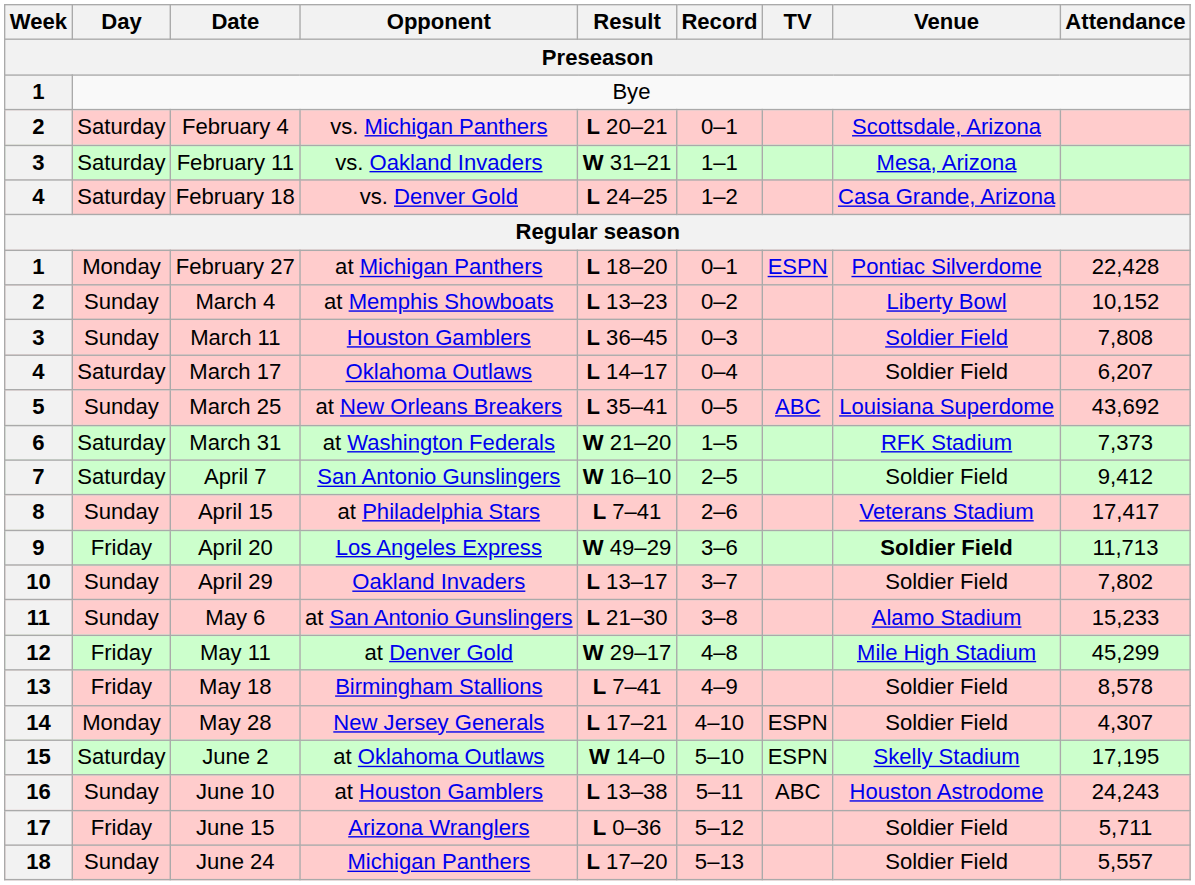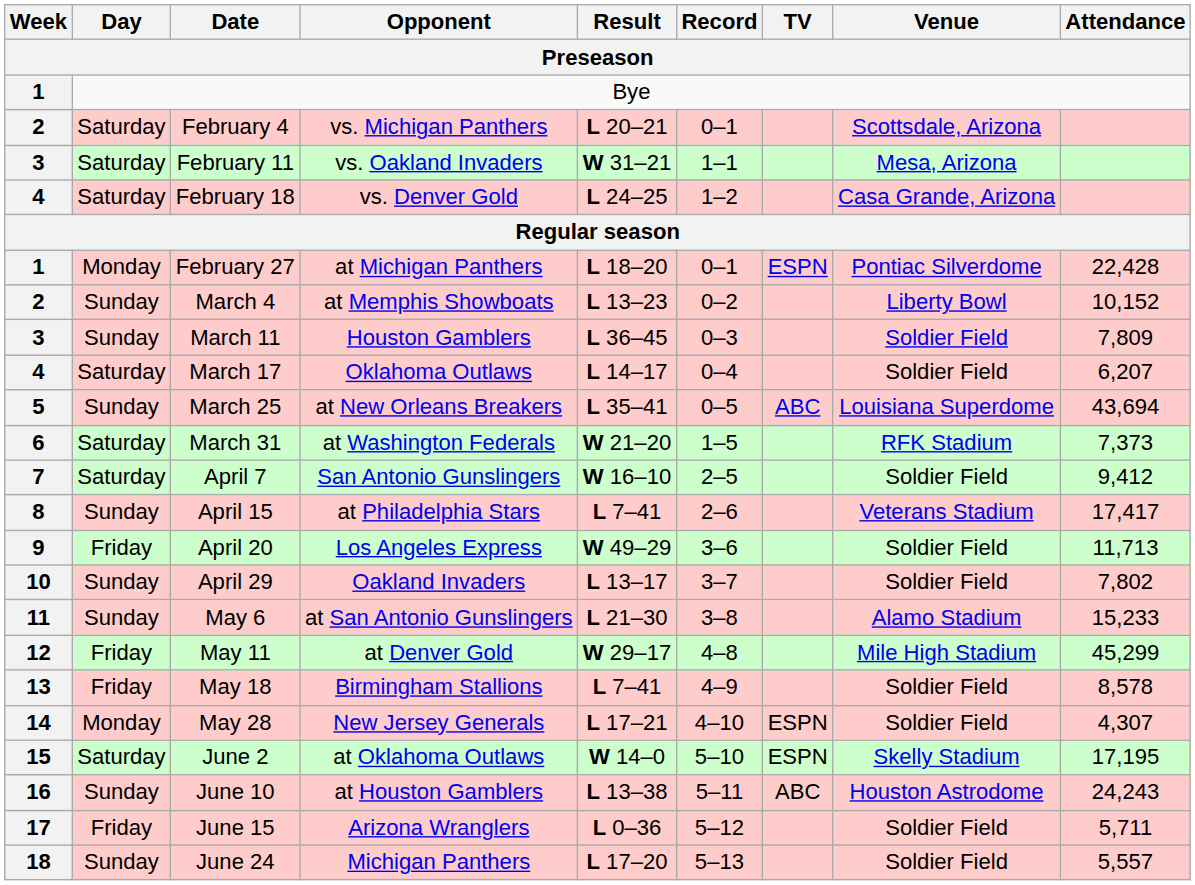 <table class="wikitable" style="text-align:center">
 <tr>
 <th>Week</th>
 <th>Day</th>
 <th>Date</th>
 <th>Opponent</th>
 <th>Result</th>
 <th>Record</th>
 <th>TV</th>
 <th>Venue</th>
 <th>Attendance</th>
 </tr>
 <tr>
 <th colspan="9">Preseason</th>
 </tr>
 <tr>
 <th>1</th>
 <td colspan=8>Bye</td>
 </tr>
 <tr style="background:#fcc">
 <th>2</th>
 <td>Saturday</td>
 <td>February 4</td>
 <td>vs. <a href='#'>Michigan Panthers</a></td>
 <td><strong>L</strong> 20–21</td>
 <td>0–1</td>
 <td></td>
 <td><a href='#'>Scottsdale, Arizona</a></td>
 <td></td>
 </tr>
 <tr style="background:#cfc">
 <th>3</th>
 <td>Saturday</td>
 <td>February 11</td>
 <td>vs. <a href='#'>Oakland Invaders</a></td>
 <td><strong>W</strong> 31–21</td>
 <td>1–1</td>
 <td></td>
 <td><a href='#'>Mesa, Arizona</a></td>
 <td></td>
 </tr>
 <tr style="background:#fcc">
 <th>4</th>
 <td>Saturday</td>
 <td>February 18</td>
 <td>vs. <a href='#'>Denver Gold</a></td>
 <td><strong>L</strong> 24–25</td>
 <td>1–2</td>
 <td></td>
 <td><a href='#'>Casa Grande, Arizona</a></td>
 <td></td>
 </tr>
 <tr>
 <th colspan="9">Regular season</th>
 </tr>
 <tr style="background:#fcc">
 <th>1</th>
 <td>Monday</td>
 <td>February 27</td>
 <td>at <a href='#'>Michigan Panthers</a></td>
 <td><strong>L</strong> 18–20</td>
 <td>0–1</td>
 <td><a href='#'>ESPN</a></td>
 <td><a href='#'>Pontiac Silverdome</a></td>
 <td>22,428</td>
 </tr>
 <tr style="background:#fcc">
 <th>2</th>
 <td>Sunday</td>
 <td>March 4</td>
 <td>at <a href='#'>Memphis Showboats</a></td>
 <td><strong>L</strong> 13–23</td>
 <td>0–2</td>
 <td></td>
 <td><a href='#'>Liberty Bowl</a></td>
 <td>10,152</td>
 </tr>
 <tr style="background:#fcc">
 <th>3</th>
 <td>Sunday</td>
 <td>March 11</td>
 <td><a href='#'>Houston Gamblers</a></td>
 <td><strong>L</strong> 36–45</td>
 <td>0–3</td>
 <td></td>
 <td><a href='#'>Soldier Field</a></td>
-<td>7,808</td>
+<td>7,809</td>
 </tr>
 <tr style="background:#fcc">
 <th>4</th>
 <td>Saturday</td>
 <td>March 17</td>
 <td><a href='#'>Oklahoma Outlaws</a></td>
 <td><strong>L</strong> 14–17</td>
 <td>0–4</td>
 <td></td>
 <td>Soldier Field</td>
 <td>6,207</td>
 </tr>
 <tr style="background:#fcc">
 <th>5</th>
 <td>Sunday</td>
 <td>March 25</td>
 <td>at <a href='#'>New Orleans Breakers</a></td>
 <td><strong>L</strong> 35–41 </td>
 <td>0–5</td>
 <td><a href='#'>ABC</a></td>
 <td><a href='#'>Louisiana Superdome</a></td>
-<td>43,692</td>
+<td>43,694</td>
 </tr>
 <tr style="background:#cfc">
 <th>6</th>
 <td>Saturday</td>
 <td>March 31</td>
 <td>at <a href='#'>Washington Federals</a></td>
 <td><strong>W</strong> 21–20</td>
 <td>1–5</td>
 <td></td>
 <td><a href='#'>RFK Stadium</a></td>
 <td>7,373</td>
 </tr>
 <tr style="background:#cfc">
 <th>7</th>
 <td>Saturday</td>
 <td>April 7</td>
 <td><a href='#'>San Antonio Gunslingers</a></td>
 <td><strong>W</strong> 16–10</td>
 <td>2–5</td>
 <td></td>
 <td>Soldier Field</td>
 <td>9,412</td>
 </tr>
 <tr style="background:#fcc">
 <th>8</th>
 <td>Sunday</td>
 <td>April 15</td>
 <td>at <a href='#'>Philadelphia Stars</a></td>
 <td><strong>L</strong> 7–41</td>
 <td>2–6</td>
 <td></td>
 <td><a href='#'>Veterans Stadium</a></td>
 <td>17,417</td>
 </tr>
 <tr style="background:#cfc">
 <th>9</th>
 <td>Friday</td>
 <td>April 20</td>
 <td><a href='#'>Los Angeles Express</a></td>
 <td><strong>W</strong> 49–29</td>
 <td>3–6</td>
 <td></td>
-<td><strong>Soldier Field</strong></td>
+<td>Soldier Field</td>
 <td>11,713</td>
 </tr>
 <tr style="background:#fcc">
 <th>10</th>
 <td>Sunday</td>
 <td>April 29</td>
 <td><a href='#'>Oakland Invaders</a></td>
 <td><strong>L</strong> 13–17</td>
 <td>3–7</td>
 <td></td>
 <td>Soldier Field</td>
 <td>7,802</td>
 </tr>
 <tr style="background:#fcc">
 <th>11</th>
 <td>Sunday</td>
 <td>May 6</td>
 <td>at <a href='#'>San Antonio Gunslingers</a></td>
 <td><strong>L</strong> 21–30</td>
 <td>3–8</td>
 <td></td>
 <td><a href='#'>Alamo Stadium</a></td>
 <td>15,233</td>
 </tr>
 <tr style="background:#cfc">
 <th>12</th>
 <td>Friday</td>
 <td>May 11</td>
 <td>at <a href='#'>Denver Gold</a></td>
 <td><strong>W</strong> 29–17</td>
 <td>4–8</td>
 <td></td>
 <td><a href='#'>Mile High Stadium</a></td>
 <td>45,299</td>
 </tr>
 <tr style="background:#fcc">
 <th>13</th>
 <td>Friday</td>
 <td>May 18</td>
 <td><a href='#'>Birmingham Stallions</a></td>
 <td><strong>L</strong> 7–41</td>
 <td>4–9</td>
 <td></td>
 <td>Soldier Field</td>
 <td>8,578</td>
 </tr>
 <tr style="background:#fcc">
 <th>14</th>
 <td>Monday</td>
 <td>May 28</td>
 <td><a href='#'>New Jersey Generals</a></td>
 <td><strong>L</strong> 17–21</td>
 <td>4–10</td>
 <td>ESPN</td>
 <td>Soldier Field</td>
 <td>4,307</td>
 </tr>
 <tr style="background:#cfc">
 <th>15</th>
 <td>Saturday</td>
 <td>June 2</td>
 <td>at <a href='#'>Oklahoma Outlaws</a></td>
 <td><strong>W</strong> 14–0</td>
 <td>5–10</td>
 <td>ESPN</td>
 <td><a href='#'>Skelly Stadium</a></td>
 <td>17,195</td>
 </tr>
 <tr style="background:#fcc">
 <th>16</th>
 <td>Sunday</td>
 <td>June 10</td>
 <td>at <a href='#'>Houston Gamblers</a></td>
 <td><strong>L</strong> 13–38</td>
 <td>5–11</td>
 <td>ABC</td>
 <td><a href='#'>Houston Astrodome</a></td>
 <td>24,243</td>
 </tr>
 <tr style="background:#fcc">
 <th>17</th>
 <td>Friday</td>
 <td>June 15</td>
 <td><a href='#'>Arizona Wranglers</a></td>
 <td><strong>L</strong> 0–36</td>
 <td>5–12</td>
 <td></td>
 <td>Soldier Field</td>
 <td>5,711</td>
 </tr>
 <tr style="background:#fcc">
 <th>18</th>
 <td>Sunday</td>
 <td>June 24</td>
 <td><a href='#'>Michigan Panthers</a></td>
 <td><strong>L</strong> 17–20</td>
 <td>5–13</td>
 <td></td>
 <td>Soldier Field</td>
 <td>5,557</td>
 </tr>
 </table>
